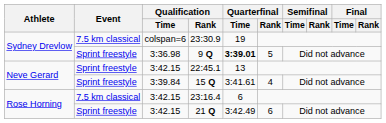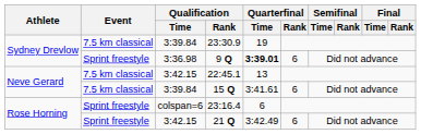 <table class="wikitable" style="font-size:90%">
 <tr>
 <th rowspan="2">Athlete</th>
 <th rowspan="2">Event</th>
 <th colspan="2">Qualification</th>
 <th colspan="2">Quarterfinal</th>
 <th colspan="2">Semifinal</th>
 <th colspan="2">Final</th>
 </tr>
 <tr style="font-size:95%">
 <th>Time</th>
 <th>Rank</th>
 <th>Time</th>
 <th>Rank</th>
 <th>Time</th>
 <th>Rank</th>
 <th>Time</th>
 <th>Rank</th>
 </tr>
 <tr align=center>
 <td align=left rowspan=2><a href='#'>Sydney Drevlow</a></td>
 <td align=left><a href='#'>7.5 km classical</a></td>
-<td>colspan=6</td>
+<td>3:39.84</td>
 <td>23:30.9</td>
 <td>19</td>
 </tr>
 <tr align=center>
 <td align=left><a href='#'>Sprint freestyle</a></td>
 <td>3:36.98</td>
 <td>9 <strong>Q</strong></td>
 <td><strong>3:39.01</strong></td>
-<td>5</td>
+<td>6</td>
 <td colspan=4>Did not advance</td>
 </tr>
 <tr align=center>
 <td align=left rowspan=2><a href='#'>Neve Gerard</a></td>
-<td align=left><a href='#'>Sprint freestyle</a></td>
+<td align=left><a href='#'>7.5 km classical</a></td>
 <td>3:42.15</td>
 <td>22:45.1</td>
 <td>13</td>
 </tr>
 <tr align=center>
-<td align=left><a href='#'>Sprint freestyle</a></td>
+<td align=left><a href='#'>7.5 km classical</a></td>
 <td>3:39.84</td>
 <td>15 <strong>Q</strong></td>
 <td>3:41.61</td>
-<td>4</td>
+<td>6</td>
 <td colspan=4>Did not advance</td>
 </tr>
 <tr align=center>
 <td align=left rowspan=2><a href='#'>Rose Horning</a></td>
-<td align=left><a href='#'>7.5 km classical</a></td>
-<td>3:42.15</td>
+<td align=left><a href='#'>Sprint freestyle</a></td>
+<td>colspan=6</td>
 <td>23:16.4</td>
 <td>6</td>
 </tr>
 <tr align=center>
 <td align=left><a href='#'>Sprint freestyle</a></td>
 <td>3:42.15</td>
 <td>21 <strong>Q</strong></td>
 <td>3:42.49</td>
 <td>6</td>
 <td colspan=4>Did not advance</td>
 </tr>
 </table>
